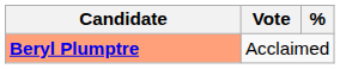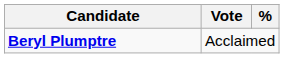 <table class="wikitable">
 <tr>
 <th bgcolor="#DDDDFF" width="200px">Candidate</th>
 <th bgcolor="#DDDDFF">Vote</th>
 <th bgcolor="#DDDDFF">%</th>
 </tr>
 <tr>
-<td style="background: lightsalmon;"><strong><a href='#'>Beryl Plumptre</a></strong></td>
+<td><strong><a href='#'>Beryl Plumptre</a></strong></td>
 <td colspan="2">Acclaimed</td>
 </tr>
 </table>
